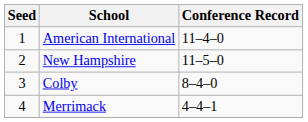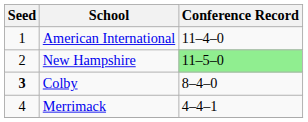 <table class="wikitable">
 <tr>
 <th>Seed</th>
 <th>School</th>
 <th>Conference Record</th>
 </tr>
 <tr>
 <td align=center>1</td>
 <td><a href='#'>American International</a></td>
 <td>11–4–0</td>
 </tr>
 <tr>
 <td align=center>2</td>
 <td><a href='#'>New Hampshire</a></td>
-<td>11–5–0</td>
+<td style="background: lightgreen;">11–5–0</td>
 </tr>
 <tr>
-<td align=center>3</td>
+<td align=center><strong>3</strong></td>
 <td><a href='#'>Colby</a></td>
 <td>8–4–0</td>
 </tr>
 <tr>
 <td align=center>4</td>
 <td><a href='#'>Merrimack</a></td>
 <td>4–4–1</td>
 </tr>
 <tr>
 </tr>
 </table>
